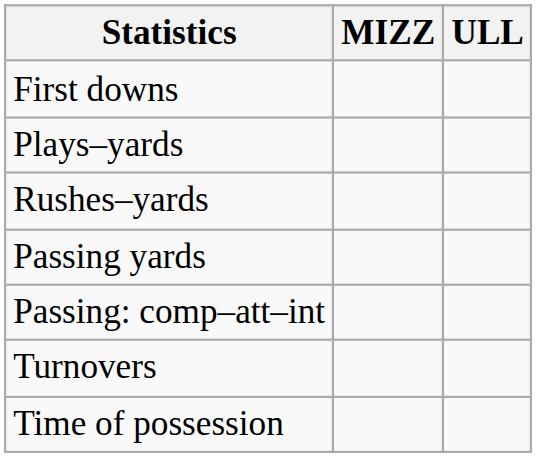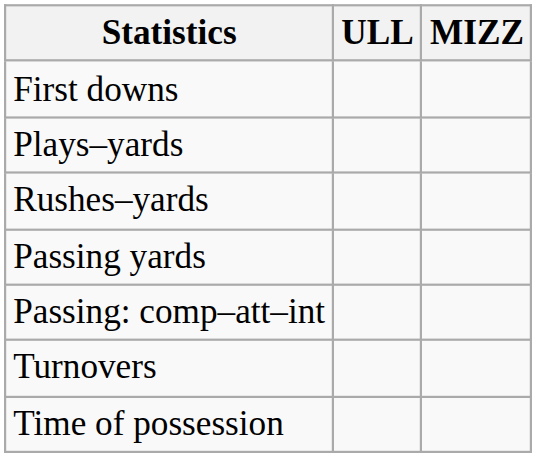 <table class="wikitable" style="float:left">
 <tr>
 <th>Statistics</th>
+<th>ULL</th>
 <th>MIZZ</th>
-<th>ULL</th>
 </tr>
 <tr>
 <td>First downs</td>
 <td></td>
 <td></td>
 </tr>
 <tr>
 <td>Plays–yards</td>
 <td></td>
 <td></td>
 </tr>
 <tr>
 <td>Rushes–yards</td>
 <td></td>
 <td></td>
 </tr>
 <tr>
 <td>Passing yards</td>
 <td></td>
 <td></td>
 </tr>
 <tr>
 <td>Passing: comp–att–int</td>
 <td></td>
 <td></td>
 </tr>
 <tr>
 <td>Turnovers</td>
 <td></td>
 <td></td>
 </tr>
 <tr>
 <td>Time of possession</td>
 <td></td>
 <td></td>
 </tr>
 </table>
